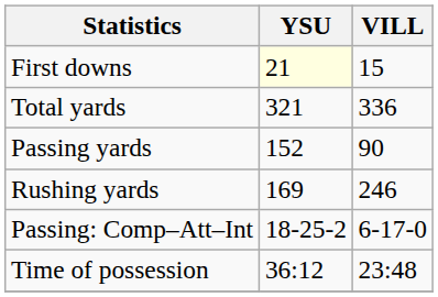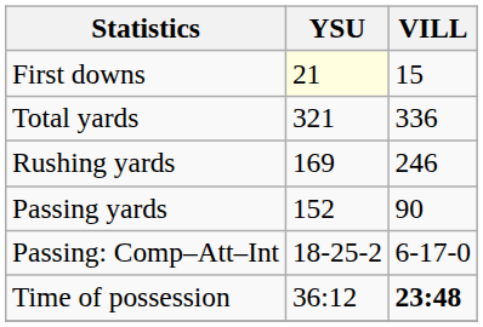 <table class="wikitable" style="float: left;">
 <tr>
 <th>Statistics</th>
 <th>YSU</th>
 <th>VILL</th>
 </tr>
 <tr>
 <td>First downs</td>
 <td style="background: lightyellow;">21</td>
 <td>15</td>
 </tr>
 <tr>
 <td>Total yards</td>
 <td>321</td>
 <td>336</td>
 </tr>
 <tr>
+<td>Rushing yards</td>
+<td>169</td>
+<td>246</td>
+</tr>
+<tr>
 <td>Passing yards</td>
 <td>152</td>
 <td>90</td>
-</tr>
-<tr>
-<td>Rushing yards</td>
-<td>169</td>
-<td>246</td>
 </tr>
 <tr>
 <td>Passing: Comp–Att–Int</td>
 <td>18-25-2</td>
 <td>6-17-0</td>
 </tr>
 <tr>
 <td>Time of possession</td>
 <td>36:12</td>
-<td>23:48</td>
+<td><strong>23:48</strong></td>
 </tr>
 <tr>
 </tr>
 </table>
